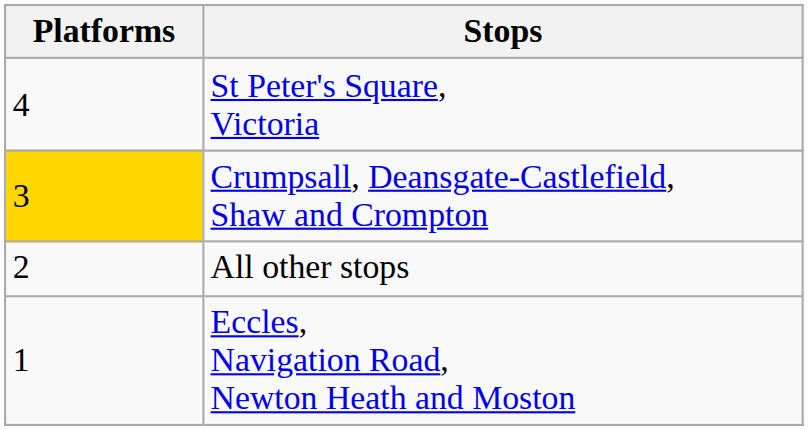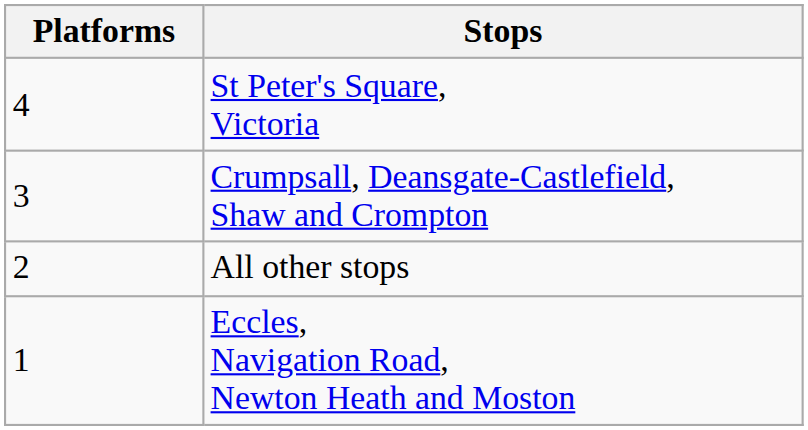 <table class="wikitable sortable plainrowheaders" width="30%">
 <tr>
 <th class="sortable" scope=col>Platforms</th>
 <th scope=col>Stops</th>
 </tr>
 <tr>
 <td>4</td>
 <td><a href='#'>St Peter's Square</a>,<br><a href='#'>Victoria</a></td>
 </tr>
 <tr>
-<td style="background: gold;">3</td>
+<td>3</td>
 <td><a href='#'>Crumpsall</a>, <a href='#'>Deansgate-Castlefield</a>,<br><a href='#'>Shaw and Crompton</a></td>
 </tr>
 <tr>
 <td>2</td>
 <td>All other stops</td>
 </tr>
 <tr>
 <td>1</td>
 <td><a href='#'>Eccles</a>,<br><a href='#'>Navigation Road</a>,<br><a href='#'>Newton Heath and Moston</a></td>
 </tr>
 </table>
